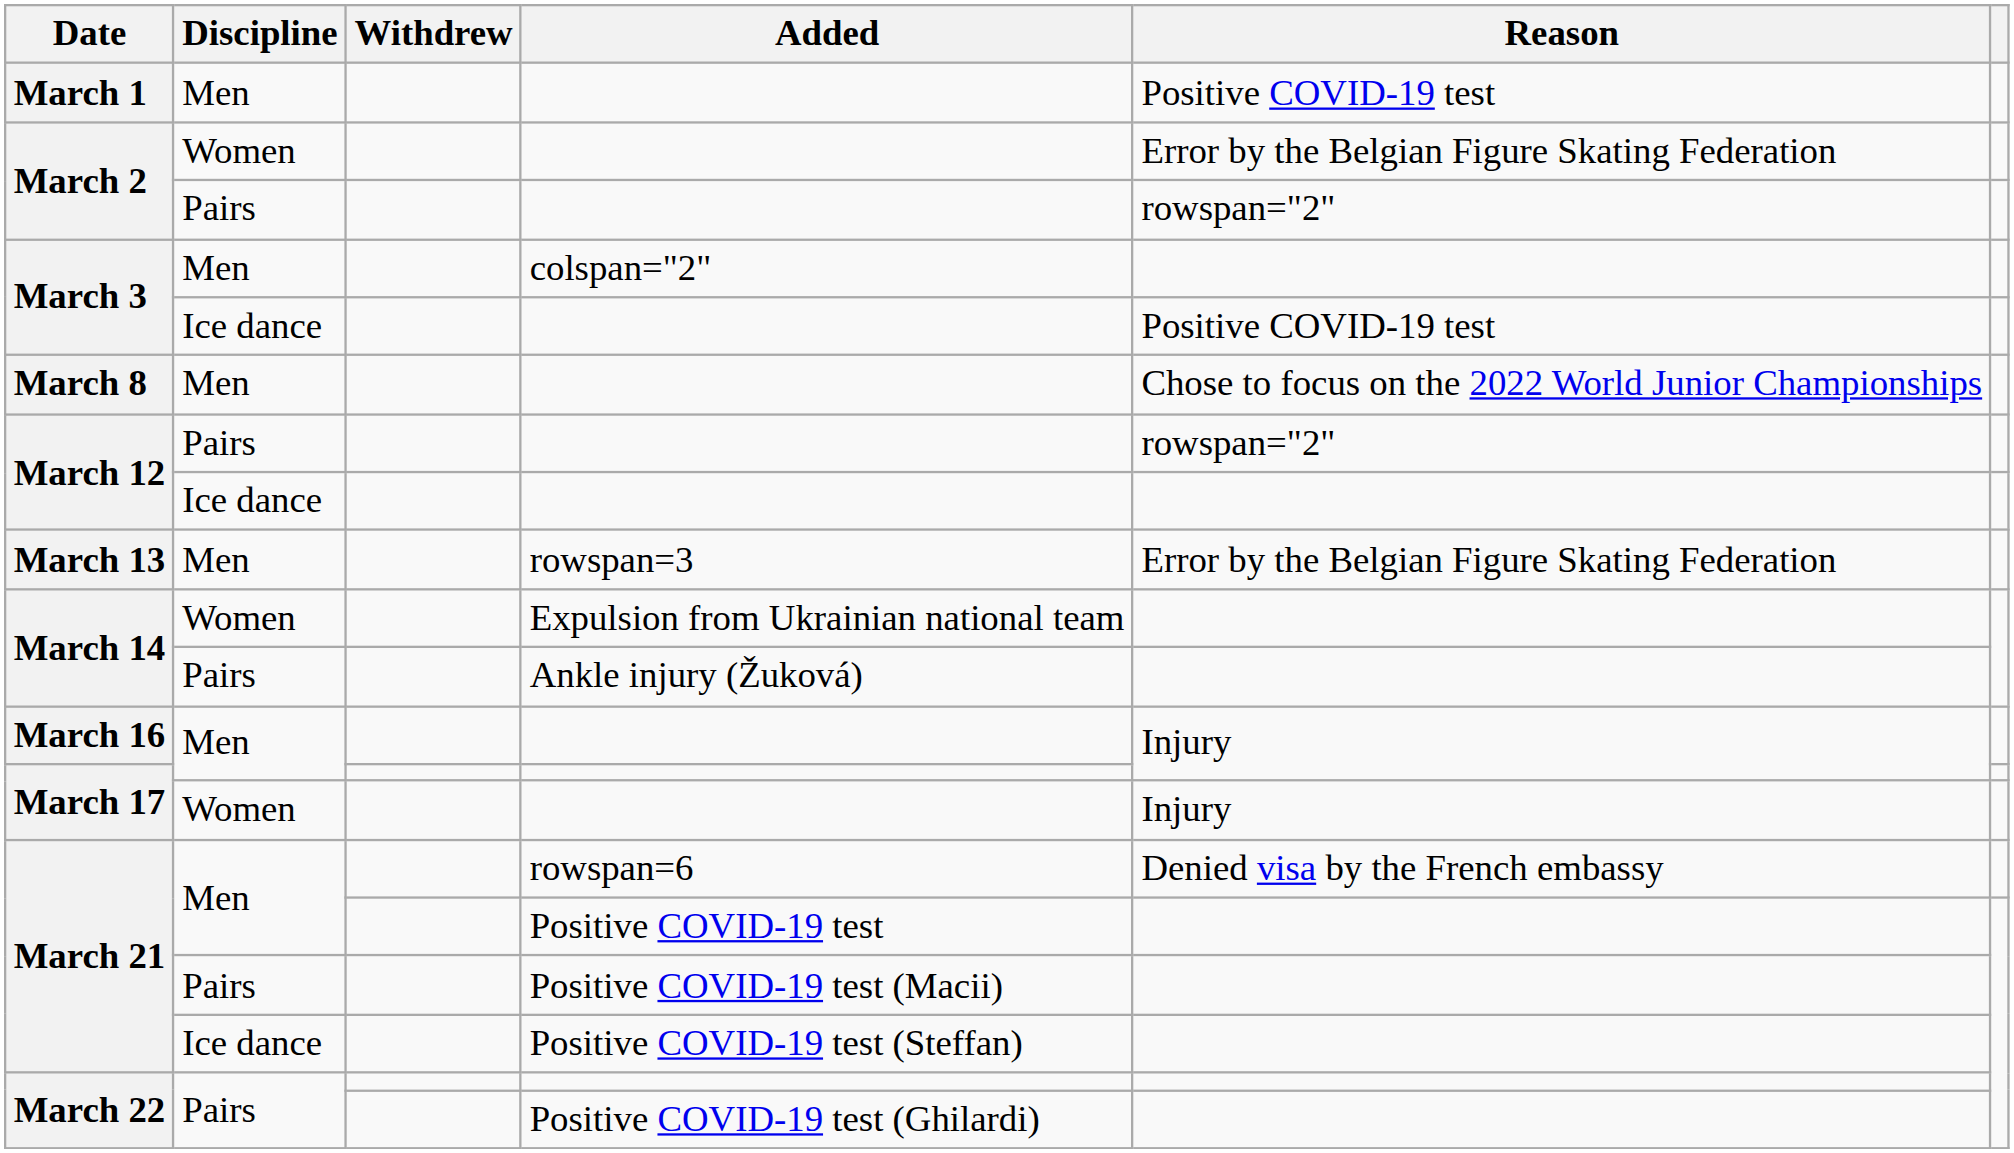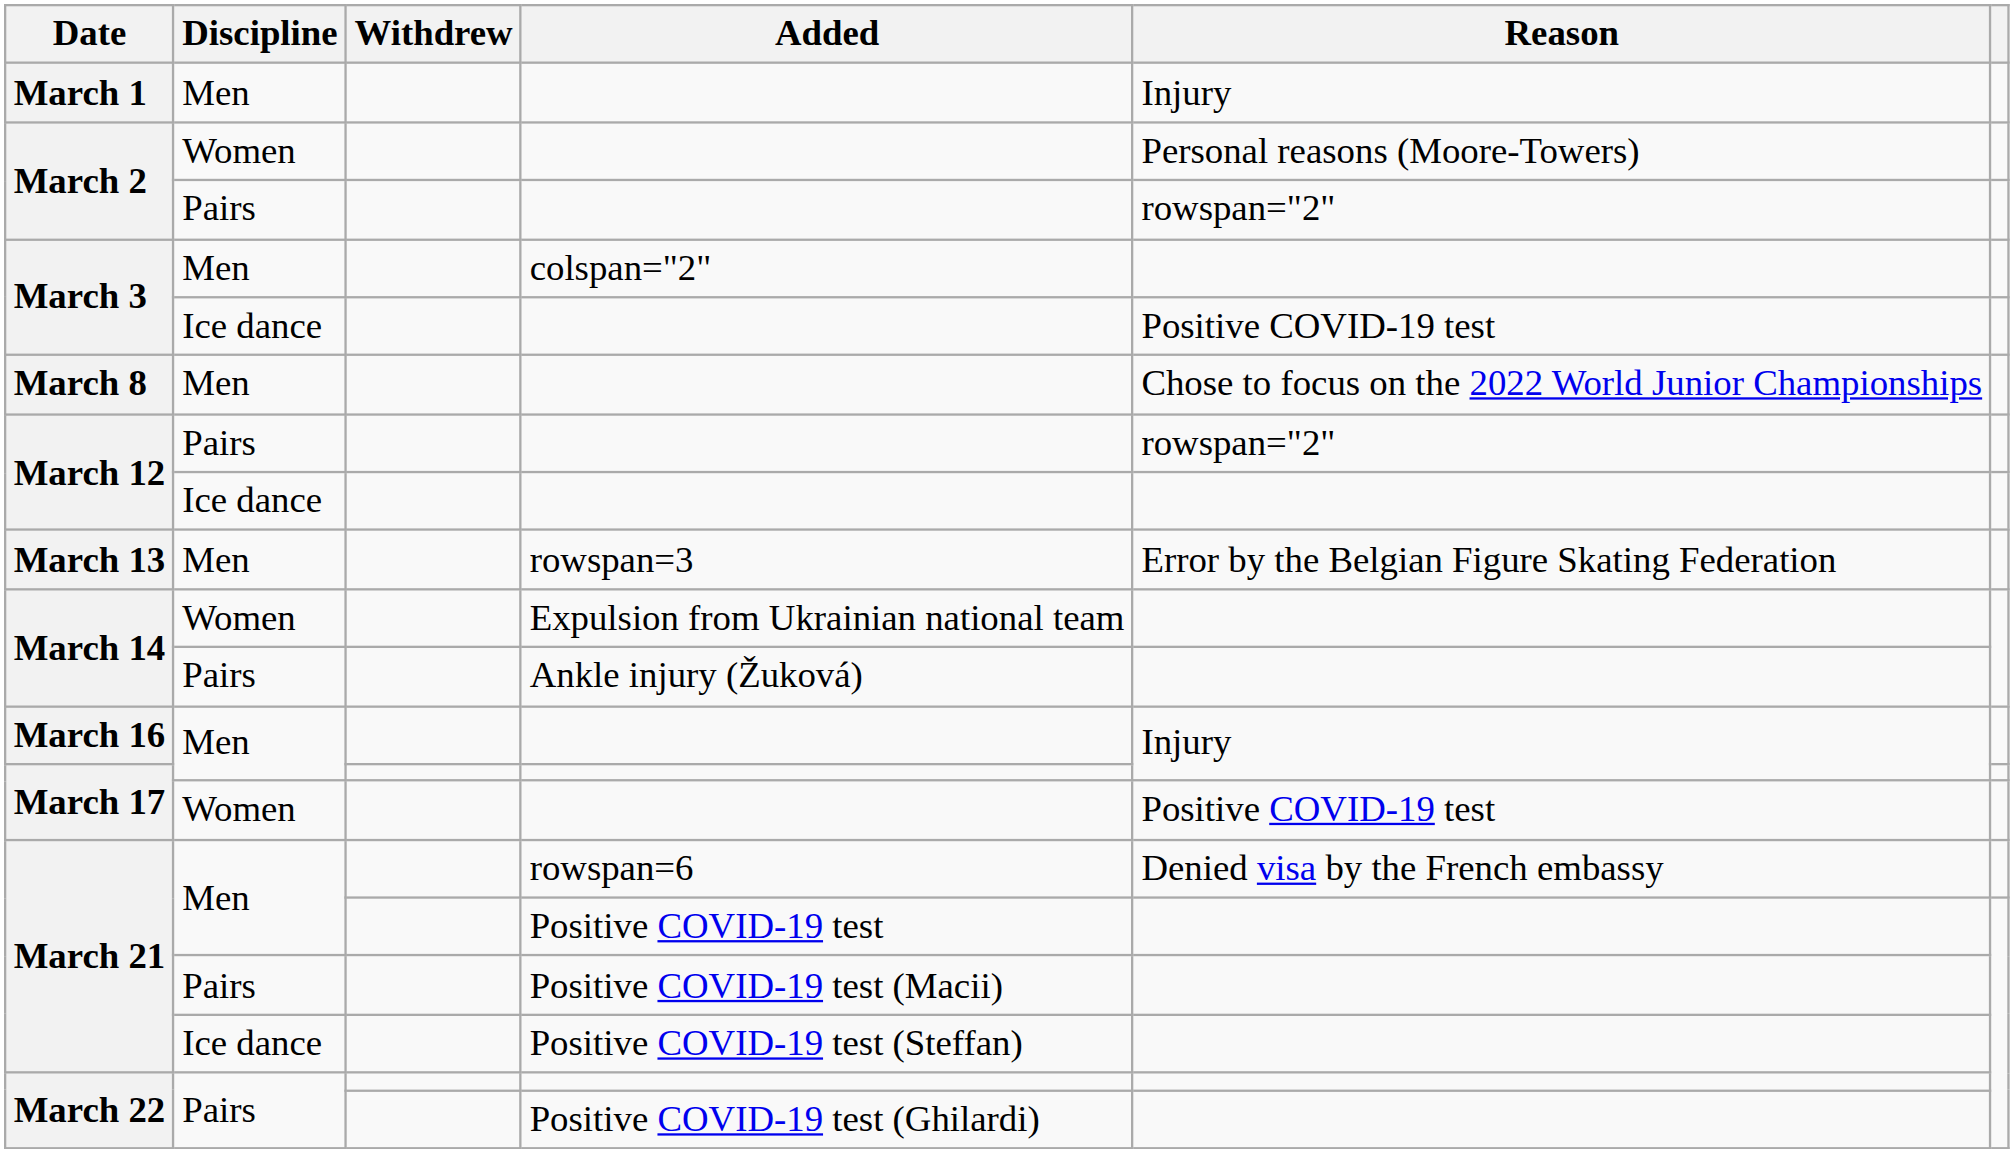 <table class="wikitable unsortable" style="text-align:left;">
 <tr>
 <th scope="col">Date</th>
 <th scope="col">Discipline</th>
 <th scope="col">Withdrew</th>
 <th scope="col">Added</th>
 <th scope="col">Reason</th>
 <th scope="col"></th>
 </tr>
 <tr>
 <th scope="row" style="text-align:left">March 1</th>
 <td>Men</td>
 <td></td>
 <td></td>
-<td>Positive <a href='#'>COVID-19</a> test</td>
+<td>Injury</td>
 <td></td>
 </tr>
 <tr>
 <th scope="row" style="text-align:left" rowspan="2">March 2</th>
 <td>Women</td>
 <td></td>
 <td></td>
-<td>Error by the Belgian Figure Skating Federation</td>
+<td>Personal reasons (Moore-Towers)</td>
 <td></td>
 </tr>
 <tr>
 <td>Pairs</td>
 <td></td>
 <td></td>
 <td>rowspan="2" </td>
 <td></td>
 </tr>
 <tr>
 <th scope="row" style="text-align:left" rowspan="2">March 3</th>
 <td>Men</td>
 <td></td>
 <td>colspan="2" </td>
 <td></td>
 </tr>
 <tr>
 <td>Ice dance</td>
 <td></td>
 <td></td>
 <td>Positive COVID-19 test</td>
 <td></td>
 </tr>
 <tr>
 <th scope="row" style="text-align:left">March 8</th>
 <td>Men</td>
 <td></td>
 <td></td>
 <td>Chose to focus on the <a href='#'>2022 World Junior Championships</a></td>
 <td></td>
 </tr>
 <tr>
 <th scope="row" style="text-align:left" rowspan="2">March 12</th>
 <td>Pairs</td>
 <td></td>
 <td></td>
 <td>rowspan="2" </td>
 <td></td>
 </tr>
 <tr>
 <td>Ice dance</td>
 <td></td>
 <td></td>
 <td></td>
 </tr>
 <tr>
 <th scope="row" style="text-align:left">March 13</th>
 <td>Men</td>
 <td></td>
 <td>rowspan=3 </td>
 <td>Error by the Belgian Figure Skating Federation</td>
 <td></td>
 </tr>
 <tr>
 <th scope="row" style="text-align:left" rowspan="2">March 14</th>
 <td>Women</td>
 <td></td>
 <td>Expulsion from Ukrainian national team</td>
 <td></td>
 </tr>
 <tr>
 <td>Pairs</td>
 <td></td>
 <td>Ankle injury (Žuková)</td>
 <td></td>
 </tr>
 <tr>
 <th scope="row" style="text-align:left">March 16</th>
 <td rowspan="2">Men</td>
 <td></td>
 <td></td>
 <td rowspan="2">Injury</td>
 <td></td>
 </tr>
 <tr>
 <th scope="row" style="text-align:left" rowspan="2">March 17</th>
 <td></td>
 <td></td>
 <td></td>
 </tr>
 <tr>
 <td>Women</td>
 <td></td>
 <td></td>
-<td>Injury</td>
+<td>Positive <a href='#'>COVID-19</a> test</td>
 <td></td>
 </tr>
 <tr>
 <th scope="row" style="text-align:left" rowspan="4">March 21</th>
 <td rowspan="2">Men</td>
 <td></td>
 <td>rowspan=6 </td>
 <td>Denied <a href='#'>visa</a> by the French embassy</td>
 <td></td>
 </tr>
 <tr>
 <td></td>
 <td>Positive <a href='#'>COVID-19</a> test</td>
 <td></td>
 </tr>
 <tr>
 <td>Pairs</td>
 <td></td>
 <td>Positive <a href='#'>COVID-19</a> test (Macii)</td>
 <td></td>
 </tr>
 <tr>
 <td>Ice dance</td>
 <td></td>
 <td>Positive <a href='#'>COVID-19</a> test (Steffan)</td>
 <td></td>
 </tr>
 <tr>
 <th scope="row" style="text-align:left" rowspan="2">March 22</th>
 <td rowspan="2">Pairs</td>
 <td></td>
 <td></td>
 <td></td>
 </tr>
 <tr>
 <td></td>
 <td>Positive <a href='#'>COVID-19</a> test (Ghilardi)</td>
 <td></td>
 </tr>
 </table>
